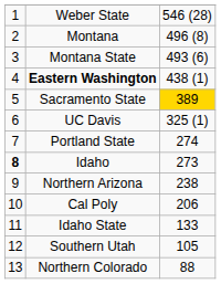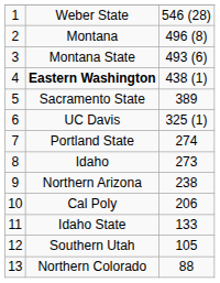 <table class="wikitable" style="display: inline-table;">
 <tr align="center">
 </tr>
 <tr align="center">
 <td>1</td>
 <td>Weber State</td>
 <td>546 (28)</td>
 </tr>
 <tr align="center">
 <td>2</td>
 <td>Montana</td>
 <td>496 (8)</td>
 </tr>
 <tr align="center">
 <td>3</td>
 <td>Montana State</td>
 <td>493 (6)</td>
 </tr>
 <tr align="center">
 <td>4</td>
 <td><strong>Eastern Washington</strong></td>
 <td>438 (1)</td>
 </tr>
 <tr align="center">
 <td>5</td>
 <td>Sacramento State</td>
-<td style="background: gold;">389</td>
+<td>389</td>
 </tr>
 <tr align="center">
 <td>6</td>
 <td>UC Davis</td>
 <td>325 (1)</td>
 </tr>
 <tr align="center">
 <td>7</td>
 <td>Portland State</td>
 <td>274</td>
 </tr>
 <tr align="center">
-<td><strong>8</strong></td>
+<td>8</td>
 <td>Idaho</td>
 <td>273</td>
 </tr>
 <tr align="center">
 <td>9</td>
 <td>Northern Arizona</td>
 <td>238</td>
 </tr>
 <tr align="center">
 <td>10</td>
 <td>Cal Poly</td>
 <td>206</td>
 </tr>
 <tr align="center">
 <td>11</td>
 <td>Idaho State</td>
 <td>133</td>
 </tr>
 <tr align="center">
 <td>12</td>
 <td>Southern Utah</td>
 <td>105</td>
 </tr>
 <tr align="center">
 <td>13</td>
 <td>Northern Colorado</td>
 <td>88</td>
 </tr>
 </table>
